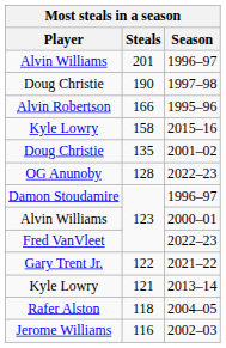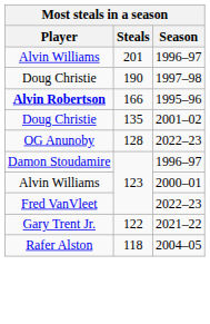 <table class="wikitable" style="text-align:center">
 <tr>
 <th colspan="3">Most steals in a season</th>
 </tr>
 <tr>
 <th>Player</th>
 <th>Steals</th>
 <th>Season</th>
 </tr>
 <tr>
 <td><a href='#'>Alvin Williams</a></td>
 <td>201</td>
 <td>1996–97</td>
 </tr>
 <tr>
 <td>Doug Christie</td>
 <td>190</td>
 <td>1997–98</td>
 </tr>
 <tr>
-<td><a href='#'>Alvin Robertson</a></td>
+<td><strong><a href='#'>Alvin Robertson</a></strong></td>
 <td>166</td>
 <td>1995–96</td>
-</tr>
-<tr>
-<td><a href='#'>Kyle Lowry</a></td>
-<td>158</td>
-<td>2015–16</td>
 </tr>
 <tr>
 <td><a href='#'>Doug Christie</a></td>
 <td>135</td>
 <td>2001–02</td>
 </tr>
 <tr>
 <td><a href='#'>OG Anunoby</a></td>
 <td>128</td>
 <td>2022–23</td>
 </tr>
 <tr>
 <td><a href='#'>Damon Stoudamire</a></td>
 <td rowspan=3>123</td>
 <td>1996–97</td>
 </tr>
 <tr>
 <td>Alvin Williams</td>
 <td>2000–01</td>
 </tr>
 <tr>
 <td><a href='#'>Fred VanVleet</a></td>
 <td>2022–23</td>
 </tr>
 <tr>
 <td><a href='#'>Gary Trent Jr.</a></td>
 <td>122</td>
 <td>2021–22</td>
 </tr>
 <tr>
-<td>Kyle Lowry</td>
-<td>121</td>
-<td>2013–14</td>
-</tr>
-<tr>
 <td><a href='#'>Rafer Alston</a></td>
 <td>118</td>
 <td>2004–05</td>
 </tr>
-<tr>
-<td><a href='#'>Jerome Williams</a></td>
-<td>116</td>
-<td>2002–03</td>
-</tr>
 </table>
